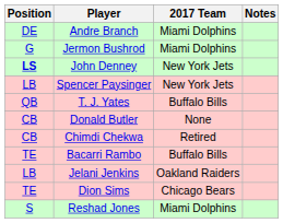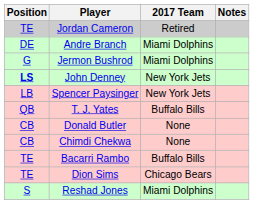 <table class="wikitable" style="text-align:center">
 <tr>
 <th>Position</th>
 <th>Player</th>
 <th>2017 Team</th>
 <th>Notes</th>
+</tr>
+<tr style="background:#ccc">
+<td><a href='#'>TE</a></td>
+<td><a href='#'>Jordan Cameron</a></td>
+<td>Retired</td>
+<td></td>
 </tr>
 <tr style="background:#cfc">
 <td><a href='#'>DE</a></td>
 <td><a href='#'>Andre Branch</a></td>
 <td>Miami Dolphins</td>
 <td></td>
 </tr>
 <tr style="background:#cfc">
 <td><a href='#'>G</a></td>
 <td><a href='#'>Jermon Bushrod</a></td>
 <td>Miami Dolphins</td>
 <td></td>
 </tr>
 <tr style="background:#cfc">
 <td><strong><a href='#'>LS</a></strong></td>
 <td><a href='#'>John Denney</a></td>
 <td>New York Jets</td>
 <td></td>
 </tr>
 <tr style="background:#fcc">
 <td><a href='#'>LB</a></td>
 <td><a href='#'>Spencer Paysinger</a></td>
 <td>New York Jets</td>
 <td></td>
 </tr>
 <tr style="background:#fcc">
 <td><a href='#'>QB</a></td>
 <td><a href='#'>T. J. Yates</a></td>
 <td>Buffalo Bills</td>
 <td></td>
 </tr>
 <tr style="background:#fcc">
 <td><a href='#'>CB</a></td>
 <td><a href='#'>Donald Butler</a></td>
 <td>None</td>
 <td></td>
 </tr>
 <tr style="background:#fcc">
 <td><a href='#'>CB</a></td>
 <td><a href='#'>Chimdi Chekwa</a></td>
-<td>Retired</td>
+<td>None</td>
 <td></td>
 </tr>
 <tr style="background:#fcc">
 <td><a href='#'>TE</a></td>
 <td><a href='#'>Bacarri Rambo</a></td>
 <td>Buffalo Bills</td>
-<td></td>
-</tr>
-<tr style="background:#fcc">
-<td><a href='#'>LB</a></td>
-<td><a href='#'>Jelani Jenkins</a></td>
-<td>Oakland Raiders</td>
 <td></td>
 </tr>
 <tr style="background:#fcc">
 <td><a href='#'>TE</a></td>
 <td><a href='#'>Dion Sims</a></td>
 <td>Chicago Bears</td>
 <td></td>
 </tr>
 <tr style="background:#cfc">
 <td><a href='#'>S</a></td>
 <td><a href='#'>Reshad Jones</a></td>
 <td>Miami Dolphins</td>
 <td></td>
 </tr>
 </table>
